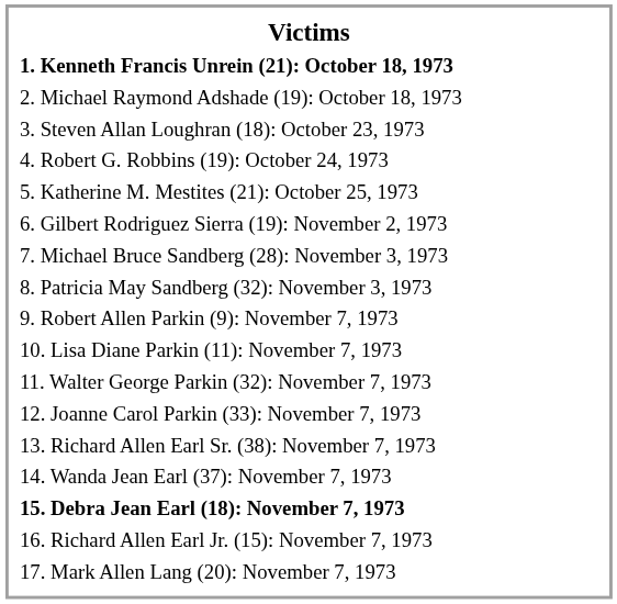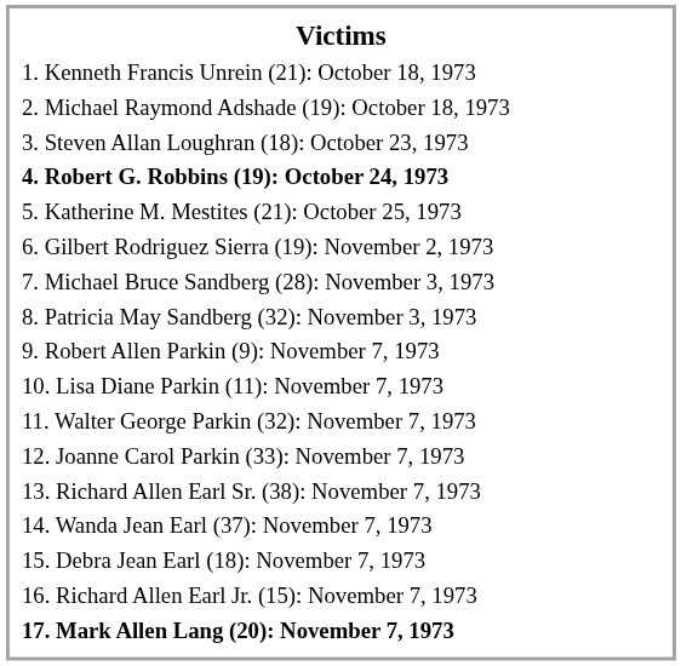 <table style="float:right; margin:1em; width:24em; border:2px solid #a0a0a0; padding:4px; background:#k9k9k9; text-align:left;">
 <tr style="text-align:center;">
 <td><strong>Victims</strong></td>
 </tr>
 <tr style="text-align:left; font-size:small;">
-<td><strong>1. Kenneth Francis Unrein (21): October 18, 1973</strong></td>
+<td>1. Kenneth Francis Unrein (21): October 18, 1973</td>
 </tr>
 <tr style="text-align:left; font-size:small;">
 <td>2. Michael Raymond Adshade (19): October 18, 1973</td>
 </tr>
 <tr style="text-align:left; font-size:small;">
 <td>3. Steven Allan Loughran (18): October 23, 1973</td>
 </tr>
 <tr style="text-align:left; font-size:small;">
-<td>4. Robert G. Robbins (19): October 24, 1973</td>
+<td><strong>4. Robert G. Robbins (19): October 24, 1973</strong></td>
 </tr>
 <tr style="text-align:left; font-size:small;">
 <td>5. Katherine M. Mestites (21): October 25, 1973</td>
 </tr>
 <tr style="text-align:left; font-size:small;">
 <td>6. Gilbert Rodriguez Sierra (19): November 2, 1973</td>
 </tr>
 <tr style="text-align:left; font-size:small;">
 <td>7. Michael Bruce Sandberg (28): November 3, 1973</td>
 </tr>
 <tr style="text-align:left; font-size:small;">
 <td>8. Patricia May Sandberg (32): November 3, 1973</td>
 </tr>
 <tr style="text-align:left; font-size:small;">
 <td>9. Robert Allen Parkin (9): November 7, 1973</td>
 </tr>
 <tr style="text-align:left; font-size:small;">
 <td>10. Lisa Diane Parkin (11): November 7, 1973</td>
 </tr>
 <tr style="text-align:left; font-size:small;">
 <td>11. Walter George Parkin (32): November 7, 1973</td>
 </tr>
 <tr style="text-align:left; font-size:small;">
 <td>12. Joanne Carol Parkin (33): November 7, 1973</td>
 </tr>
 <tr style="text-align:left; font-size:small;">
 <td>13. Richard Allen Earl Sr. (38): November 7, 1973</td>
 </tr>
 <tr style="text-align:left; font-size:small;">
 <td>14. Wanda Jean Earl (37): November 7, 1973</td>
 </tr>
 <tr style="text-align:left; font-size:small;">
-<td><strong>15. Debra Jean Earl (18): November 7, 1973</strong></td>
+<td>15. Debra Jean Earl (18): November 7, 1973</td>
 </tr>
 <tr style="text-align:left; font-size:small;">
 <td>16. Richard Allen Earl Jr. (15): November 7, 1973</td>
 </tr>
 <tr style="text-align:left; font-size:small;">
-<td>17. Mark Allen Lang (20): November 7, 1973</td>
+<td><strong>17. Mark Allen Lang (20): November 7, 1973</strong></td>
 </tr>
 </table>
